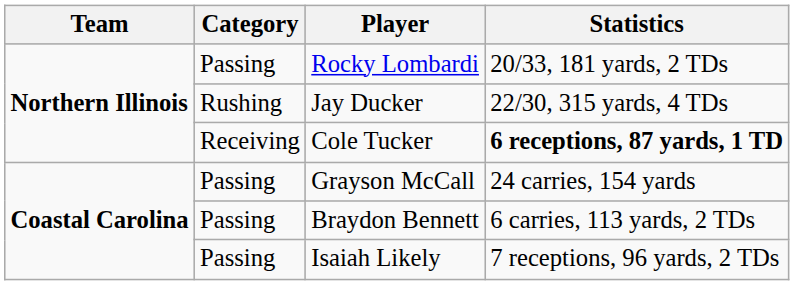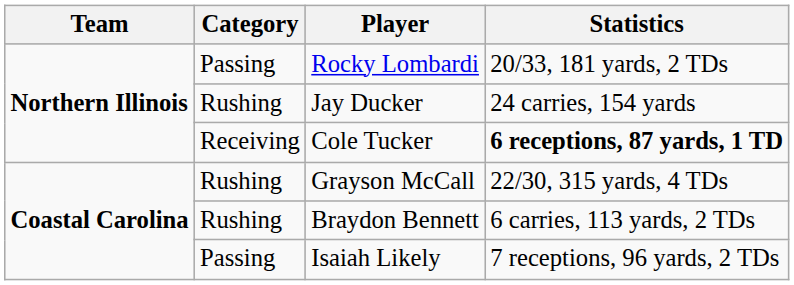 <table class="wikitable" style="float: left;">
 <tr>
 <th>Team</th>
 <th>Category</th>
 <th>Player</th>
 <th>Statistics</th>
 </tr>
 <tr>
 <td rowspan=3><strong>Northern Illinois</strong></td>
 <td>Passing</td>
 <td><a href='#'>Rocky Lombardi</a></td>
 <td>20/33, 181 yards, 2 TDs</td>
 </tr>
 <tr>
 <td>Rushing</td>
 <td>Jay Ducker</td>
-<td>22/30, 315 yards, 4 TDs</td>
+<td>24 carries, 154 yards</td>
 </tr>
 <tr>
 <td>Receiving</td>
 <td>Cole Tucker</td>
 <td><strong>6 receptions, 87 yards, 1 TD</strong></td>
 </tr>
 <tr>
 <td rowspan=3><strong>Coastal Carolina</strong></td>
-<td>Passing</td>
+<td>Rushing</td>
 <td>Grayson McCall</td>
-<td>24 carries, 154 yards</td>
+<td>22/30, 315 yards, 4 TDs</td>
 </tr>
 <tr>
-<td>Passing</td>
+<td>Rushing</td>
 <td>Braydon Bennett</td>
 <td>6 carries, 113 yards, 2 TDs</td>
 </tr>
 <tr>
 <td>Passing</td>
 <td>Isaiah Likely</td>
 <td>7 receptions, 96 yards, 2 TDs</td>
 </tr>
 </table>
